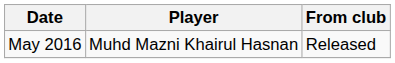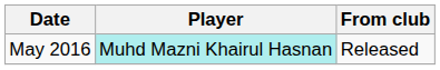 <table class="wikitable sortable">
 <tr>
 <th>Date</th>
 <th>Player</th>
 <th>From club</th>
 </tr>
 <tr>
 <td>May 2016</td>
-<td> Muhd Mazni Khairul Hasnan</td>
+<td style="background: paleturquoise;"> Muhd Mazni Khairul Hasnan</td>
 <td>Released</td>
 </tr>
 <tr>
 </tr>
 </table>
